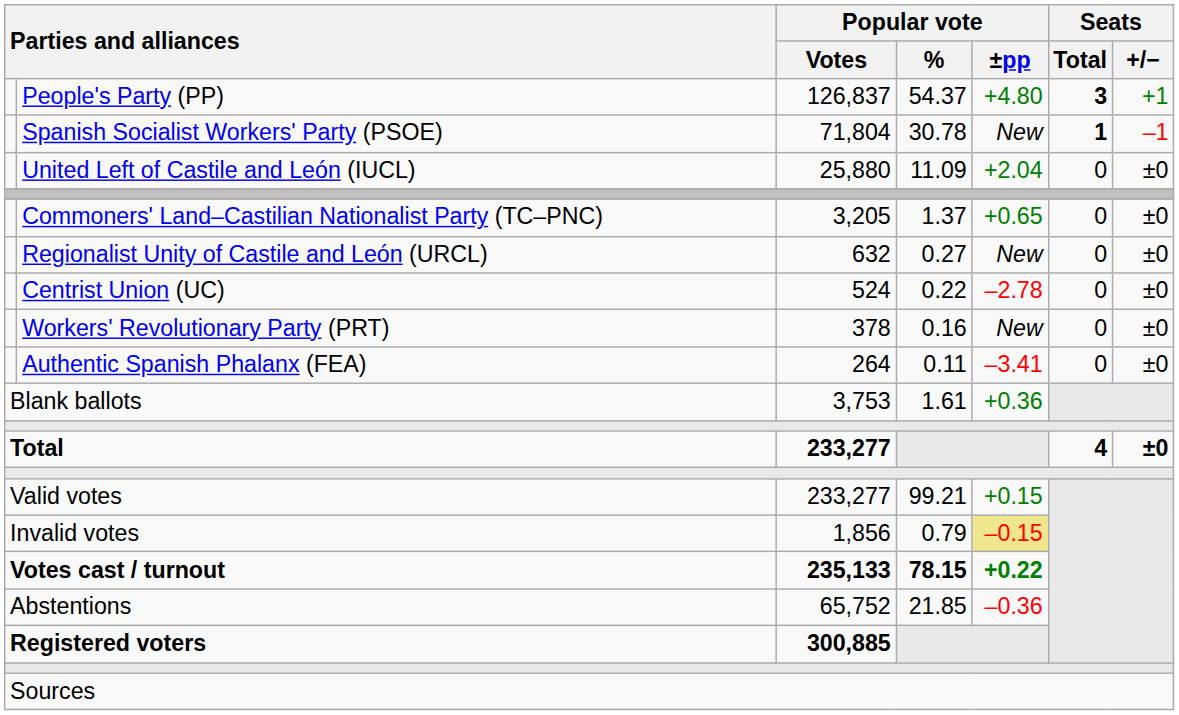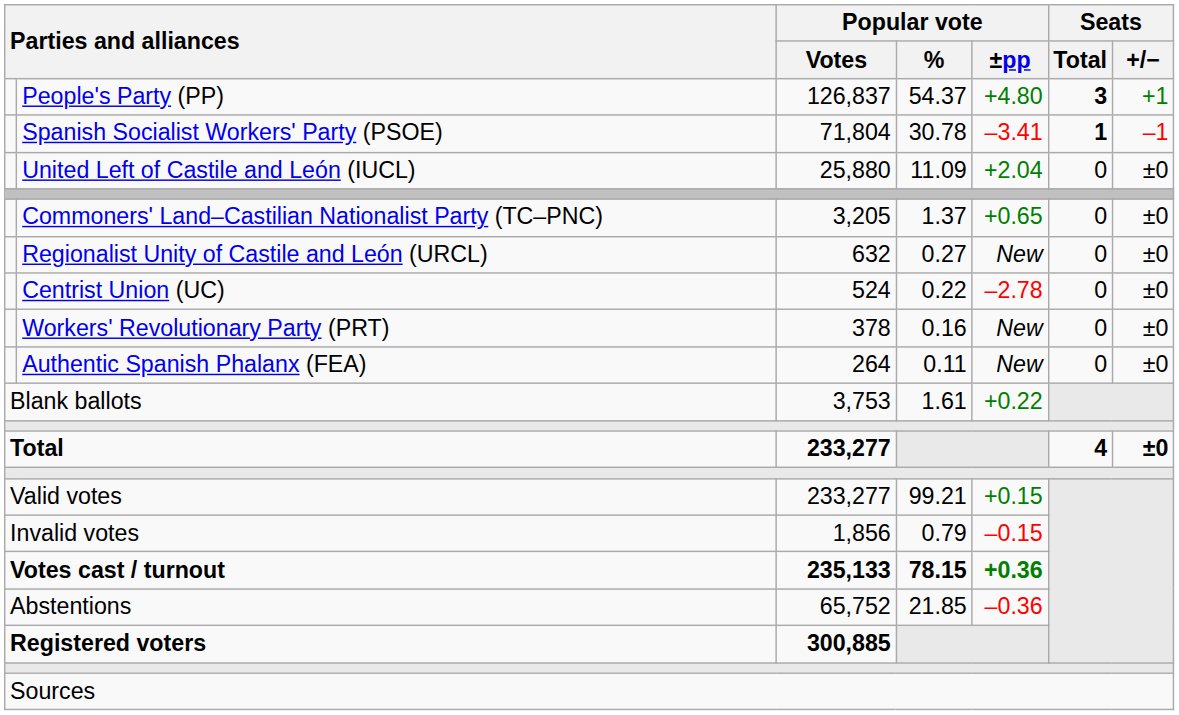 <table class="wikitable" style="text-align:right;">
 <tr>
 <th style="text-align:left;" rowspan="2" colspan="2" width="525">Parties and alliances</th>
 <th colspan="3">Popular vote</th>
 <th colspan="2">Seats</th>
 </tr>
 <tr>
 <th width="75">Votes</th>
 <th width="45">%</th>
 <th width="45">±<a href='#'>pp</a></th>
 <th width="35">Total</th>
 <th width="35">+/−</th>
 </tr>
 <tr>
 <td width="1" style="color:inherit;background:"></td>
 <td align="left"><a href='#'>People's Party</a> (PP)</td>
 <td>126,837</td>
 <td>54.37</td>
 <td style="color:green;">+4.80</td>
 <td><strong>3</strong></td>
 <td style="color:green;">+1</td>
 </tr>
 <tr>
 <td style="color:inherit;background:"></td>
 <td align="left"><a href='#'>Spanish Socialist Workers' Party</a> (PSOE)</td>
 <td>71,804</td>
 <td>30.78</td>
-<td><em>New</em></td>
+<td style="color:red;">–3.41</td>
 <td><strong>1</strong></td>
 <td style="color:red;">–1</td>
 </tr>
 <tr>
 <td style="color:inherit;background:"></td>
 <td align="left"><a href='#'>United Left of Castile and León</a> (IUCL)</td>
 <td>25,880</td>
 <td>11.09</td>
 <td style="color:green;">+2.04</td>
 <td>0</td>
 <td>±0</td>
 </tr>
 <tr>
 <td colspan="7" bgcolor="#C0C0C0"></td>
 </tr>
 <tr>
 <td style="color:inherit;background:"></td>
 <td align="left"><a href='#'>Commoners' Land–Castilian Nationalist Party</a> (TC–PNC)</td>
 <td>3,205</td>
 <td>1.37</td>
 <td style="color:green;">+0.65</td>
 <td>0</td>
 <td>±0</td>
 </tr>
 <tr>
 <td style="color:inherit;background:"></td>
 <td align="left"><a href='#'>Regionalist Unity of Castile and León</a> (URCL)</td>
 <td>632</td>
 <td>0.27</td>
 <td><em>New</em></td>
 <td>0</td>
 <td>±0</td>
 </tr>
 <tr>
 <td style="color:inherit;background:"></td>
 <td align="left"><a href='#'>Centrist Union</a> (UC)</td>
 <td>524</td>
 <td>0.22</td>
 <td style="color:red;">–2.78</td>
 <td>0</td>
 <td>±0</td>
 </tr>
 <tr>
 <td style="color:inherit;background:"></td>
 <td align="left"><a href='#'>Workers' Revolutionary Party</a> (PRT)</td>
 <td>378</td>
 <td>0.16</td>
 <td><em>New</em></td>
 <td>0</td>
 <td>±0</td>
 </tr>
 <tr>
 <td style="color:inherit;background:"></td>
 <td align="left"><a href='#'>Authentic Spanish Phalanx</a> (FEA)</td>
 <td>264</td>
 <td>0.11</td>
-<td style="color:red;">–3.41</td>
+<td><em>New</em></td>
 <td>0</td>
 <td>±0</td>
 </tr>
 <tr>
 <td align="left" colspan="2">Blank ballots</td>
 <td>3,753</td>
 <td>1.61</td>
-<td style="color:green;">+0.36</td>
+<td style="color:green;">+0.22</td>
 <td bgcolor="#E9E9E9" colspan="2"></td>
 </tr>
 <tr>
 <td colspan="7" bgcolor="#E9E9E9"></td>
 </tr>
 <tr style="font-weight:bold;">
 <td align="left" colspan="2">Total</td>
 <td>233,277</td>
 <td bgcolor="#E9E9E9" colspan="2"></td>
 <td>4</td>
 <td>±0</td>
 </tr>
 <tr>
 <td colspan="7" bgcolor="#E9E9E9"></td>
 </tr>
 <tr>
 <td align="left" colspan="2">Valid votes</td>
 <td>233,277</td>
 <td>99.21</td>
 <td style="color:green;">+0.15</td>
 <td bgcolor="#E9E9E9" colspan="2" rowspan="5"></td>
 </tr>
 <tr>
 <td align="left" colspan="2">Invalid votes</td>
 <td>1,856</td>
 <td>0.79</td>
-<td style="background: khaki; color:red;">–0.15</td>
+<td style="color:red;">–0.15</td>
 </tr>
 <tr style="font-weight:bold;">
 <td align="left" colspan="2">Votes cast / turnout</td>
 <td>235,133</td>
 <td>78.15</td>
-<td style="color:green;">+0.22</td>
+<td style="color:green;">+0.36</td>
 </tr>
 <tr>
 <td align="left" colspan="2">Abstentions</td>
 <td>65,752</td>
 <td>21.85</td>
 <td style="color:red;">–0.36</td>
 </tr>
 <tr style="font-weight:bold;">
 <td align="left" colspan="2">Registered voters</td>
 <td>300,885</td>
 <td bgcolor="#E9E9E9" colspan="2"></td>
 </tr>
 <tr>
 <td colspan="7" bgcolor="#E9E9E9"></td>
 </tr>
 <tr>
 <td align="left" colspan="7">Sources</td>
 </tr>
 </table>
